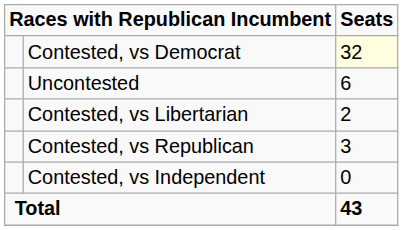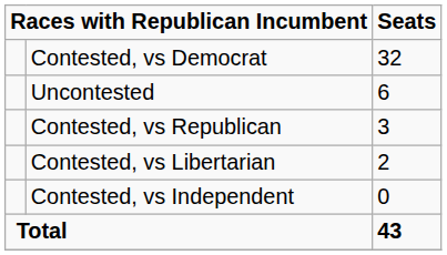 <table class="wikitable">
 <tr>
 <td colspan="2" rowspan="1" align="center"><strong>Races with Republican Incumbent</strong></td>
 <td valign="top"><strong>Seats</strong><br></td>
 </tr>
 <tr>
 <td style="background-color:"> </td>
 <td>Contested, vs Democrat</td>
-<td style="background: lightyellow;">32</td>
+<td>32</td>
 </tr>
 <tr>
 <td style="background-color:"> </td>
 <td>Uncontested</td>
 <td>6</td>
 </tr>
 <tr>
 <td style="background-color:"> </td>
-<td>Contested, vs Libertarian</td>
-<td>2</td>
+<td>Contested, vs Republican</td>
+<td>3</td>
 </tr>
 <tr>
 <td style="background-color:"> </td>
-<td>Contested, vs Republican</td>
-<td>3</td>
+<td>Contested, vs Libertarian</td>
+<td>2</td>
 </tr>
 <tr>
 <td style="background-color:"> </td>
 <td>Contested, vs Independent</td>
 <td>0</td>
 </tr>
 <tr>
 <td colspan="2" rowspan="1"> <strong>Total</strong><br></td>
 <td><strong>43</strong></td>
 </tr>
 <tr>
 </tr>
 </table>
